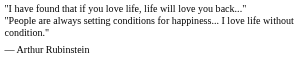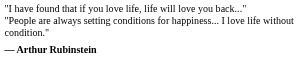 <table class="toccolours" style="float: left; margin-left: 1em; margin-right: 2em; font-size: 85%; background:#white; color:black; width:30em; max-width: 40%;" cellspacing="5">
 <tr>
 <td style="text-align: left;">"I have found that if you love life, life will love you back..."<br>"People are always setting conditions for happiness... I love life without condition."</td>
 </tr>
 <tr>
-<td style="text-align: left;">— Arthur Rubinstein</td>
+<td style="text-align: left;"><strong>— Arthur Rubinstein</strong></td>
 </tr>
 </table>
